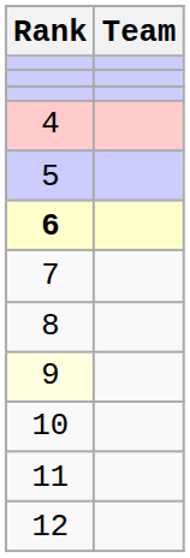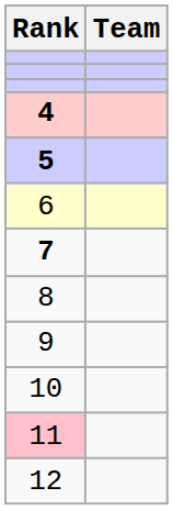 <table class="wikitable" style="text-align: center;">
 <tr>
 <th>Rank</th>
 <th>Team</th>
 </tr>
 <tr bgcolor=ccccff>
 <td></td>
 <td align=left></td>
 </tr>
 <tr bgcolor=ccccff>
 <td></td>
 <td align=left></td>
 </tr>
 <tr bgcolor=ccccff>
 <td></td>
 <td align=left></td>
 </tr>
 <tr bgcolor=ffcccc>
-<td>4</td>
+<td><strong>4</strong></td>
 <td align=left></td>
 </tr>
 <tr bgcolor=ccccff>
-<td>5</td>
+<td><strong>5</strong></td>
 <td align=left></td>
 </tr>
 <tr bgcolor=ffffcc>
-<td><strong>6</strong></td>
+<td>6</td>
 <td align=left></td>
 </tr>
 <tr>
-<td>7</td>
+<td><strong>7</strong></td>
 <td align=left></td>
 </tr>
 <tr>
 <td>8</td>
 <td align=left></td>
 </tr>
 <tr>
-<td style="background: lightyellow;">9</td>
+<td>9</td>
 <td align=left></td>
 </tr>
 <tr>
 <td>10</td>
 <td align=left></td>
 </tr>
 <tr>
-<td>11</td>
+<td style="background: pink;">11</td>
 <td align=left></td>
 </tr>
 <tr>
 <td>12</td>
 <td align=left></td>
 </tr>
 </table>
